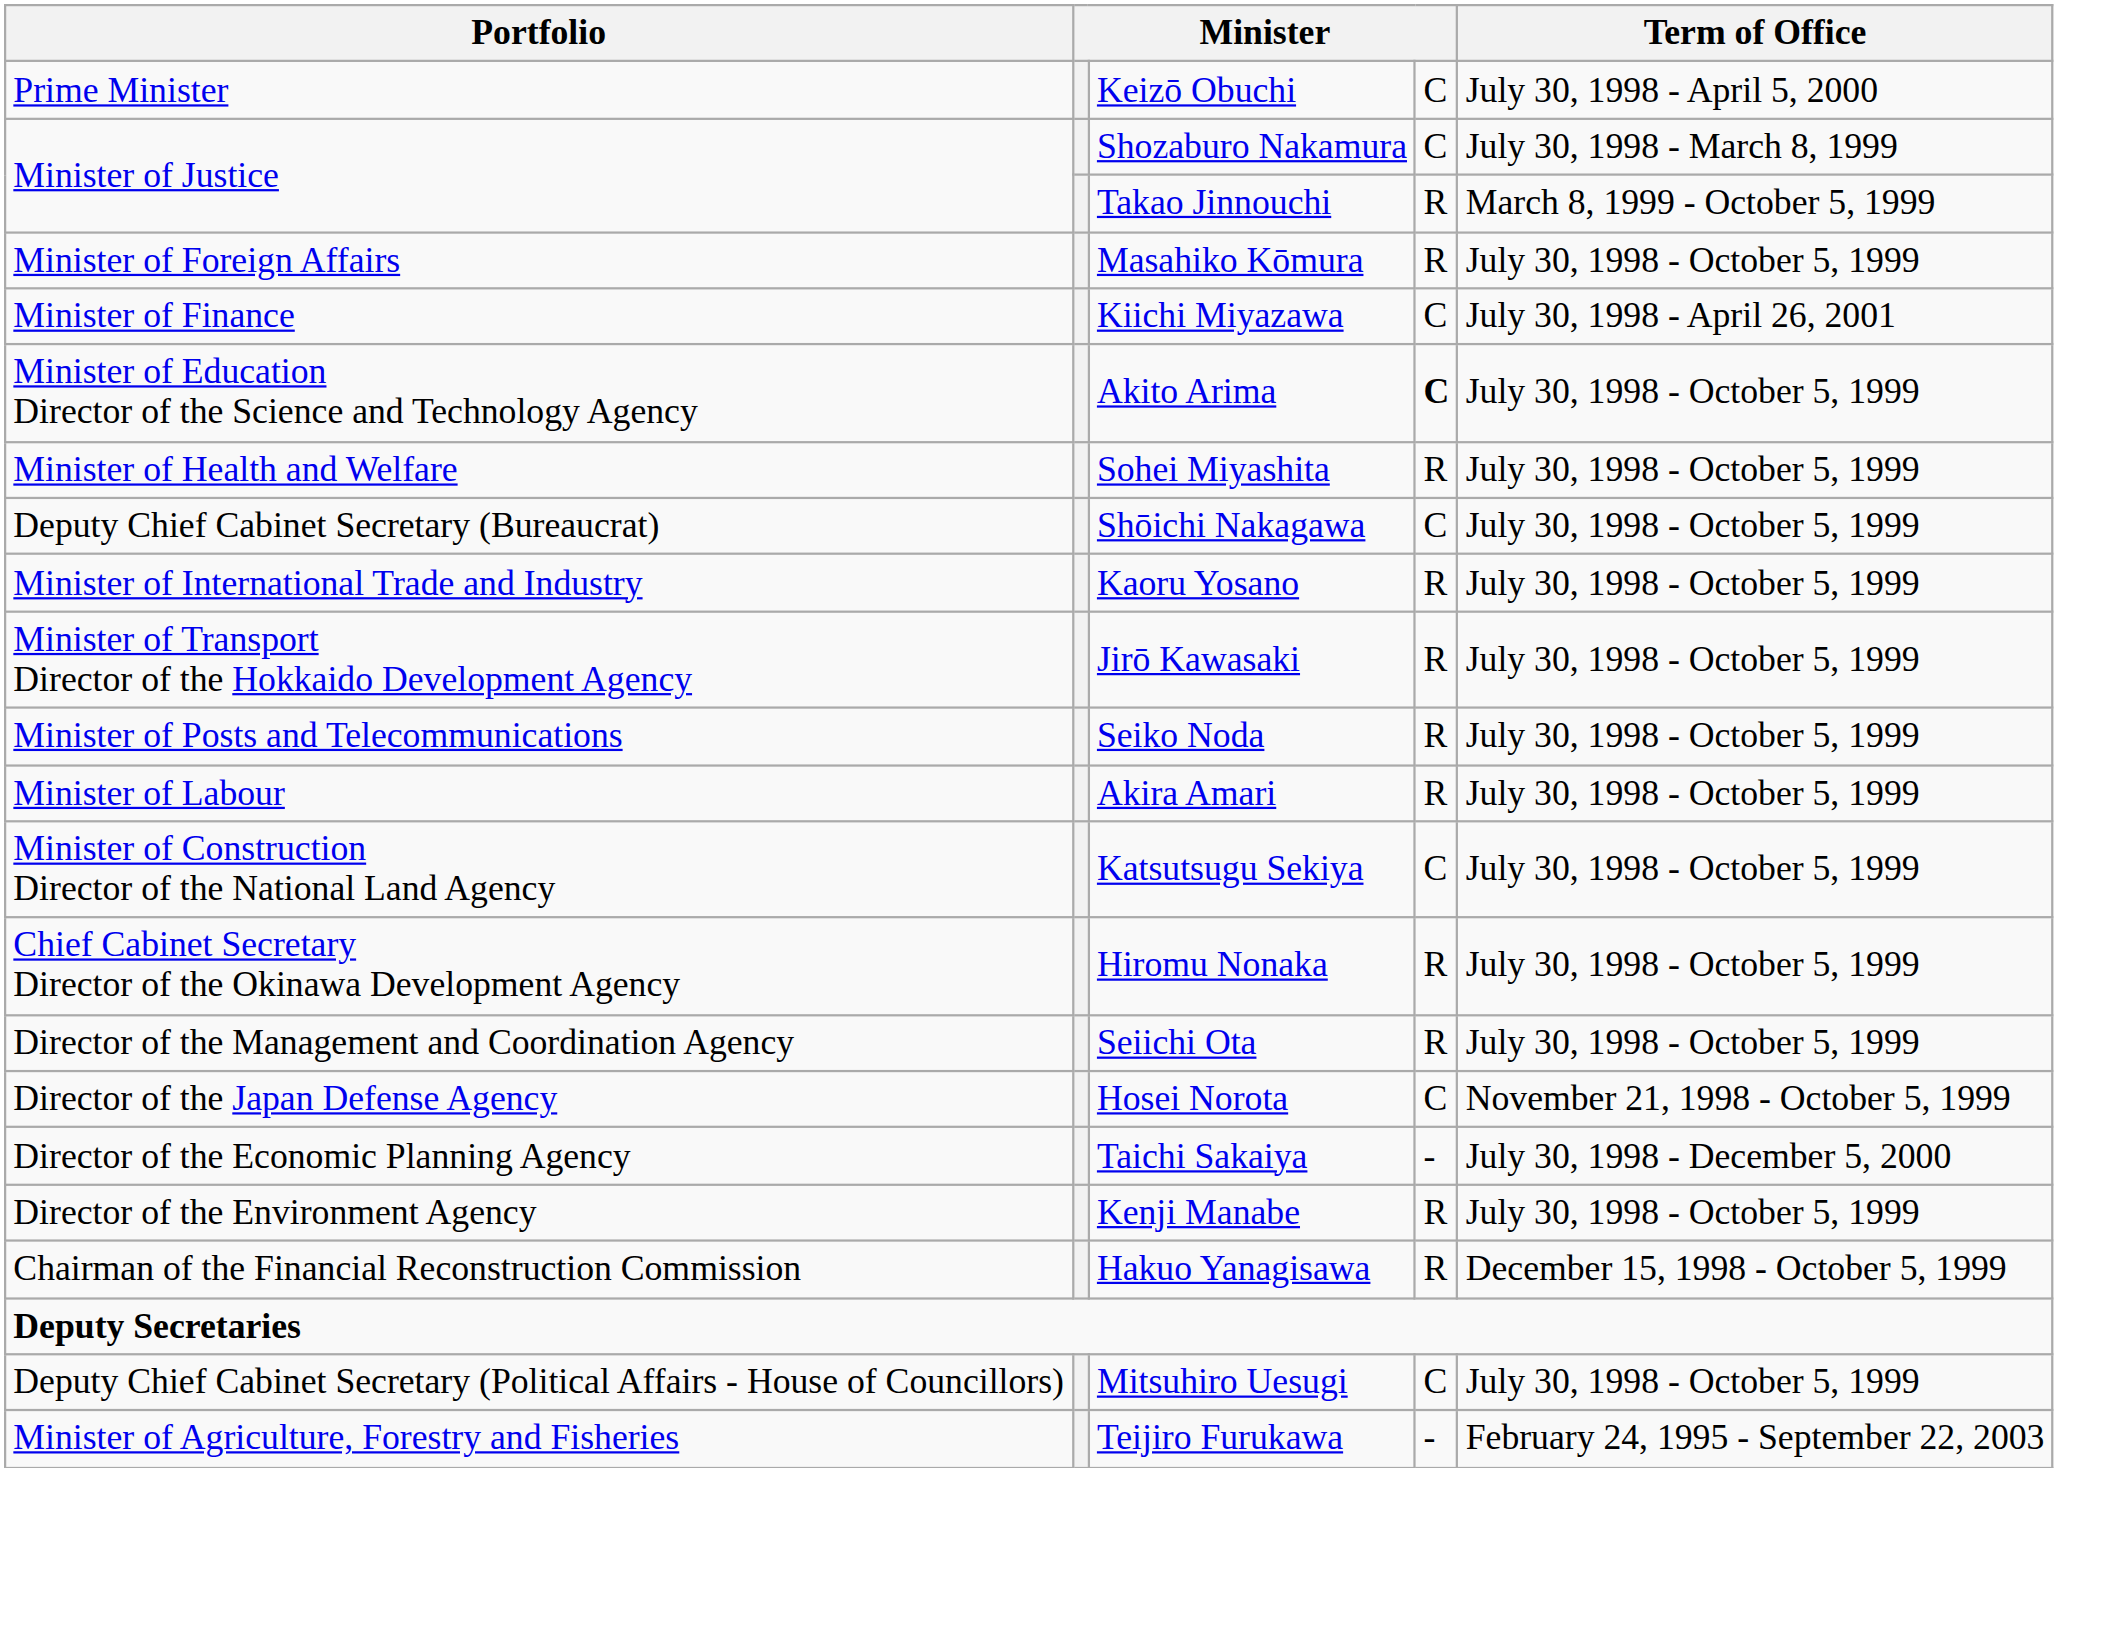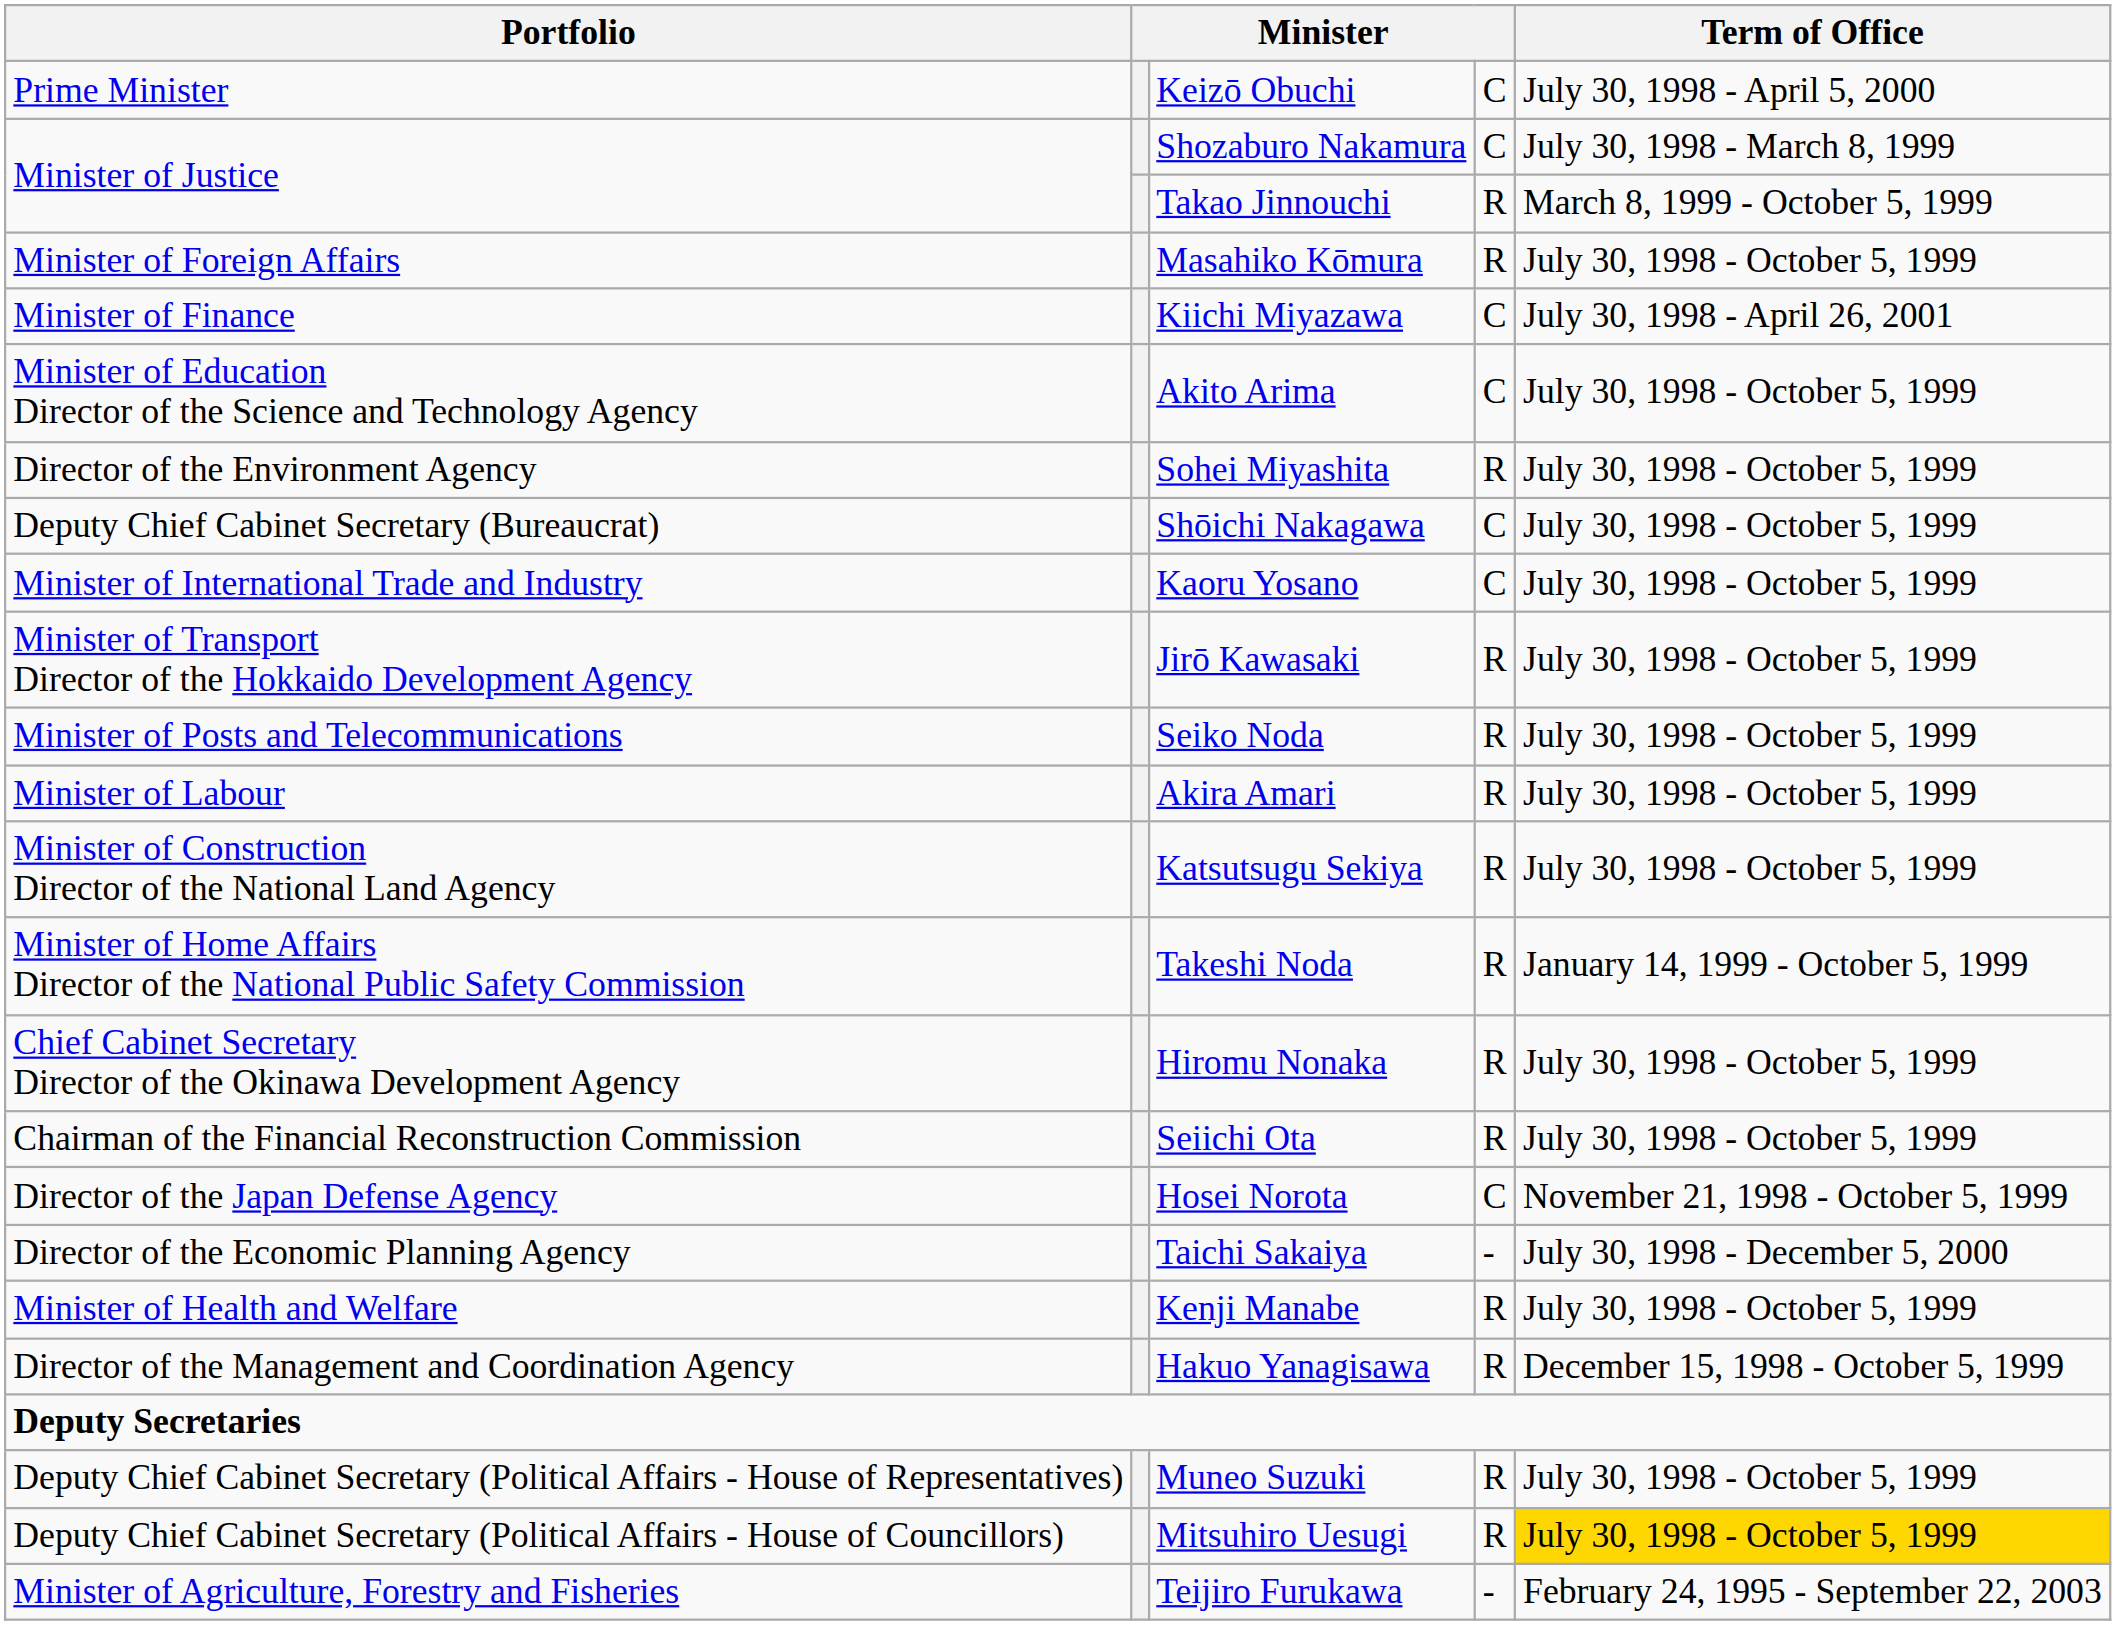 <table class="wikitable">
 <tr>
 <th>Portfolio</th>
 <th colspan=3>Minister</th>
 <th>Term of Office</th>
 </tr>
 <tr>
 <td><a href='#'>Prime Minister</a></td>
 <th style="color:inherit;background-color: "></th>
 <td><a href='#'>Keizō Obuchi</a></td>
 <td>C</td>
 <td>July 30, 1998 - April 5, 2000</td>
 </tr>
 <tr>
 <td rowspan=2><a href='#'>Minister of Justice</a></td>
 <th style="color:inherit;background-color: "></th>
 <td><a href='#'>Shozaburo Nakamura</a></td>
 <td>C</td>
 <td>July 30, 1998 - March 8, 1999</td>
 </tr>
 <tr>
 <th style="color:inherit;background-color: "></th>
 <td><a href='#'>Takao Jinnouchi</a></td>
 <td>R</td>
 <td>March 8, 1999 - October 5, 1999</td>
 </tr>
 <tr>
 <td><a href='#'>Minister of Foreign Affairs</a></td>
 <th style="color:inherit;background-color: "></th>
 <td><a href='#'>Masahiko Kōmura</a></td>
 <td>R</td>
 <td>July 30, 1998 - October 5, 1999</td>
 </tr>
 <tr>
 <td><a href='#'>Minister of Finance</a></td>
 <th style="color:inherit;background-color: "></th>
 <td><a href='#'>Kiichi Miyazawa</a></td>
 <td>C</td>
 <td>July 30, 1998 - April 26, 2001</td>
 </tr>
 <tr>
 <td><a href='#'>Minister of Education</a> <br>Director of the Science and Technology Agency</td>
 <th style="color:inherit;background-color: "></th>
 <td><a href='#'>Akito Arima</a></td>
-<td><strong>C</strong></td>
+<td>C</td>
 <td>July 30, 1998 - October 5, 1999</td>
 </tr>
 <tr>
-<td><a href='#'>Minister of Health and Welfare</a></td>
+<td>Director of the Environment Agency</td>
 <th style="color:inherit;background-color: "></th>
 <td><a href='#'>Sohei Miyashita</a></td>
 <td>R</td>
 <td>July 30, 1998 - October 5, 1999</td>
 </tr>
 <tr>
 <td>Deputy Chief Cabinet Secretary (Bureaucrat)</td>
 <th style="color:inherit;background-color: "></th>
 <td><a href='#'>Shōichi Nakagawa</a></td>
 <td>C</td>
 <td>July 30, 1998 - October 5, 1999</td>
 </tr>
 <tr>
 <td><a href='#'>Minister of International Trade and Industry</a></td>
 <th style="color:inherit;background-color: "></th>
 <td><a href='#'>Kaoru Yosano</a></td>
-<td>R</td>
+<td>C</td>
 <td>July 30, 1998 - October 5, 1999</td>
 </tr>
 <tr>
 <td><a href='#'>Minister of Transport</a> <br>Director of the <a href='#'>Hokkaido Development Agency</a></td>
 <th style="color:inherit;background-color: "></th>
 <td><a href='#'>Jirō Kawasaki</a></td>
 <td>R</td>
 <td>July 30, 1998 - October 5, 1999</td>
 </tr>
 <tr>
 <td><a href='#'>Minister of Posts and Telecommunications</a></td>
 <th style="color:inherit;background-color: "></th>
 <td><a href='#'>Seiko Noda</a></td>
 <td>R</td>
 <td>July 30, 1998 - October 5, 1999</td>
 </tr>
 <tr>
 <td><a href='#'>Minister of Labour</a></td>
 <th style="color:inherit;background-color: "></th>
 <td><a href='#'>Akira Amari</a></td>
 <td>R</td>
 <td>July 30, 1998 - October 5, 1999</td>
 </tr>
 <tr>
 <td><a href='#'>Minister of Construction</a> <br>Director of the National Land Agency</td>
 <th style="color:inherit;background-color: "></th>
 <td><a href='#'>Katsutsugu Sekiya</a></td>
-<td>C</td>
+<td>R</td>
 <td>July 30, 1998 - October 5, 1999</td>
+</tr>
+<tr>
+<td><a href='#'>Minister of Home Affairs</a> <br>Director of the <a href='#'>National Public Safety Commission</a></td>
+<th style="color:inherit;background-color: "></th>
+<td><a href='#'>Takeshi Noda</a></td>
+<td>R</td>
+<td>January 14, 1999 - October 5, 1999</td>
 </tr>
 <tr>
 <td><a href='#'>Chief Cabinet Secretary</a> <br>Director of the Okinawa Development Agency</td>
 <th style="color:inherit;background-color: "></th>
 <td><a href='#'>Hiromu Nonaka</a></td>
 <td>R</td>
 <td>July 30, 1998 - October 5, 1999</td>
 </tr>
 <tr>
-<td>Director of the Management and Coordination Agency</td>
+<td>Chairman of the Financial Reconstruction Commission</td>
 <th style="color:inherit;background-color: "></th>
 <td><a href='#'>Seiichi Ota</a></td>
 <td>R</td>
 <td>July 30, 1998 - October 5, 1999</td>
 </tr>
 <tr>
 <td>Director of the <a href='#'>Japan Defense Agency</a></td>
 <th style="color:inherit;background-color: "></th>
 <td><a href='#'>Hosei Norota</a></td>
 <td>C</td>
 <td>November 21, 1998 - October 5, 1999</td>
 </tr>
 <tr>
 <td>Director of the Economic Planning Agency</td>
 <th style="color:inherit;background-color: "></th>
 <td><a href='#'>Taichi Sakaiya</a></td>
 <td>-</td>
 <td>July 30, 1998 - December 5, 2000</td>
 </tr>
 <tr>
-<td>Director of the Environment Agency</td>
+<td><a href='#'>Minister of Health and Welfare</a></td>
 <th style="color:inherit;background-color: "></th>
 <td><a href='#'>Kenji Manabe</a></td>
 <td>R</td>
 <td>July 30, 1998 - October 5, 1999</td>
 </tr>
 <tr>
-<td>Chairman of the Financial Reconstruction Commission</td>
+<td>Director of the Management and Coordination Agency</td>
 <th style="color:inherit;background-color: "></th>
 <td><a href='#'>Hakuo Yanagisawa</a></td>
 <td>R</td>
 <td>December 15, 1998 - October 5, 1999</td>
 </tr>
 <tr>
 <td colspan=5><strong>Deputy Secretaries</strong></td>
 </tr>
 <tr>
+<td>Deputy Chief Cabinet Secretary (Political Affairs - House of Representatives)</td>
+<th style="color:inherit;background-color: "></th>
+<td><a href='#'>Muneo Suzuki</a></td>
+<td>R</td>
+<td>July 30, 1998 - October 5, 1999</td>
+</tr>
+<tr>
 <td>Deputy Chief Cabinet Secretary (Political Affairs - House of Councillors)</td>
 <th style="color:inherit;background-color: "></th>
 <td><a href='#'>Mitsuhiro Uesugi</a></td>
-<td>C</td>
-<td>July 30, 1998 - October 5, 1999</td>
+<td>R</td>
+<td style="background: gold;">July 30, 1998 - October 5, 1999</td>
 </tr>
 <tr>
 <td><a href='#'>Minister of Agriculture, Forestry and Fisheries</a></td>
 <th style="color:inherit;background-color: "></th>
 <td><a href='#'>Teijiro Furukawa</a></td>
 <td>-</td>
 <td>February 24, 1995 - September 22, 2003</td>
 </tr>
 </table>
